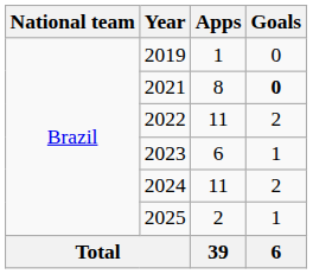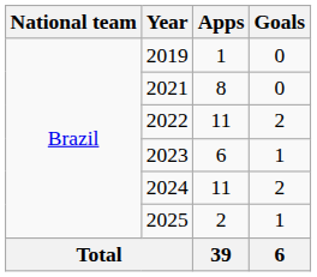 <table class=wikitable style=text-align:center>
 <tr>
 <th>National team</th>
 <th>Year</th>
 <th>Apps</th>
 <th>Goals</th>
 </tr>
 <tr>
 <td rowspan="6"><a href='#'>Brazil</a></td>
 <td>2019</td>
 <td>1</td>
 <td>0</td>
 </tr>
 <tr>
 <td>2021</td>
 <td>8</td>
-<td><strong>0</strong></td>
+<td>0</td>
 </tr>
 <tr>
 <td>2022</td>
 <td>11</td>
 <td>2</td>
 </tr>
 <tr>
 <td>2023</td>
 <td>6</td>
 <td>1</td>
 </tr>
 <tr>
 <td>2024</td>
 <td>11</td>
 <td>2</td>
 </tr>
 <tr>
 <td>2025</td>
 <td>2</td>
 <td>1</td>
 </tr>
 <tr>
 <th colspan="2">Total</th>
 <th>39</th>
 <th>6</th>
 </tr>
 </table>
